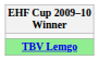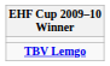 <table class="wikitable" style="text-align: center; margin: 0 auto;">
 <tr>
 <th>EHF Cup 2009–10 <br> Winner</th>
 </tr>
 <tr>
 <td></td>
 </tr>
 <tr>
-<td style="background: lightgreen;"><strong><a href='#'>TBV Lemgo</a></strong></td>
+<td><strong><a href='#'>TBV Lemgo</a></strong></td>
 </tr>
 </table>
